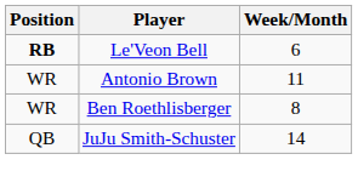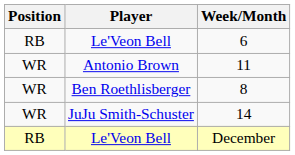 <table class="wikitable" style="text-align:center">
 <tr>
 <th>Position</th>
 <th>Player</th>
 <th>Week/Month</th>
 </tr>
 <tr>
-<td><strong>RB</strong></td>
+<td>RB</td>
 <td><a href='#'>Le'Veon Bell</a></td>
 <td>6</td>
 </tr>
 <tr>
 <td>WR</td>
 <td><a href='#'>Antonio Brown</a></td>
 <td>11</td>
 </tr>
 <tr>
 <td>WR</td>
 <td><a href='#'>Ben Roethlisberger</a></td>
 <td>8</td>
 </tr>
 <tr>
-<td>QB</td>
+<td>WR</td>
 <td><a href='#'>JuJu Smith-Schuster</a></td>
 <td>14</td>
 </tr>
+<tr style="background:#ffb">
+<td>RB</td>
+<td><a href='#'>Le'Veon Bell</a></td>
+<td>December</td>
+</tr>
 </table>
